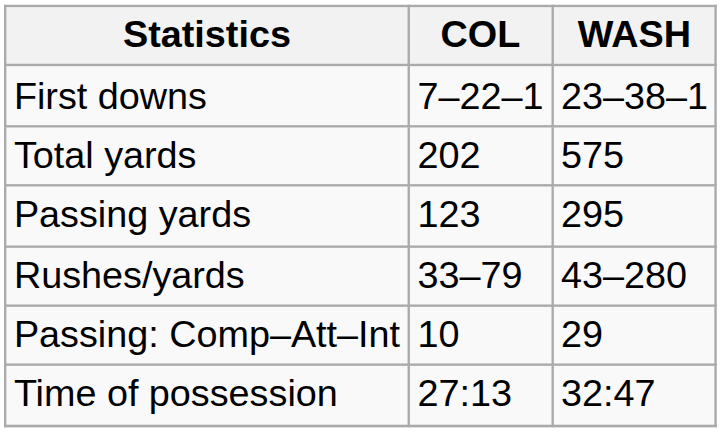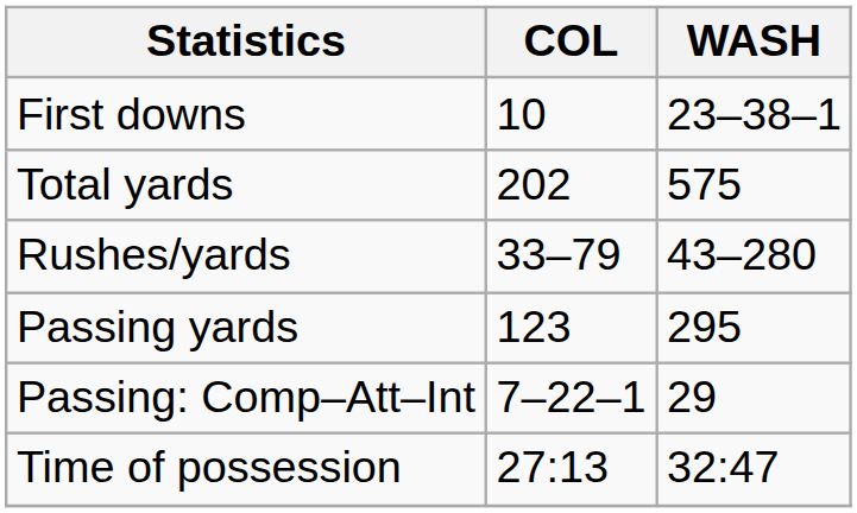 <table class="wikitable" style="float: left;">
 <tr>
 <th>Statistics</th>
 <th>COL</th>
 <th>WASH</th>
 </tr>
 <tr>
 <td>First downs</td>
-<td>7–22–1</td>
+<td>10</td>
 <td>23–38–1</td>
 </tr>
 <tr>
 <td>Total yards</td>
 <td>202</td>
 <td>575</td>
 </tr>
 <tr>
+<td>Rushes/yards</td>
+<td>33–79</td>
+<td>43–280</td>
+</tr>
+<tr>
 <td>Passing yards</td>
 <td>123</td>
 <td>295</td>
 </tr>
 <tr>
-<td>Rushes/yards</td>
-<td>33–79</td>
-<td>43–280</td>
-</tr>
-<tr>
 <td>Passing: Comp–Att–Int</td>
-<td>10</td>
+<td>7–22–1</td>
 <td>29</td>
 </tr>
 <tr>
 <td>Time of possession</td>
 <td>27:13</td>
 <td>32:47</td>
 </tr>
 <tr>
 </tr>
 </table>
